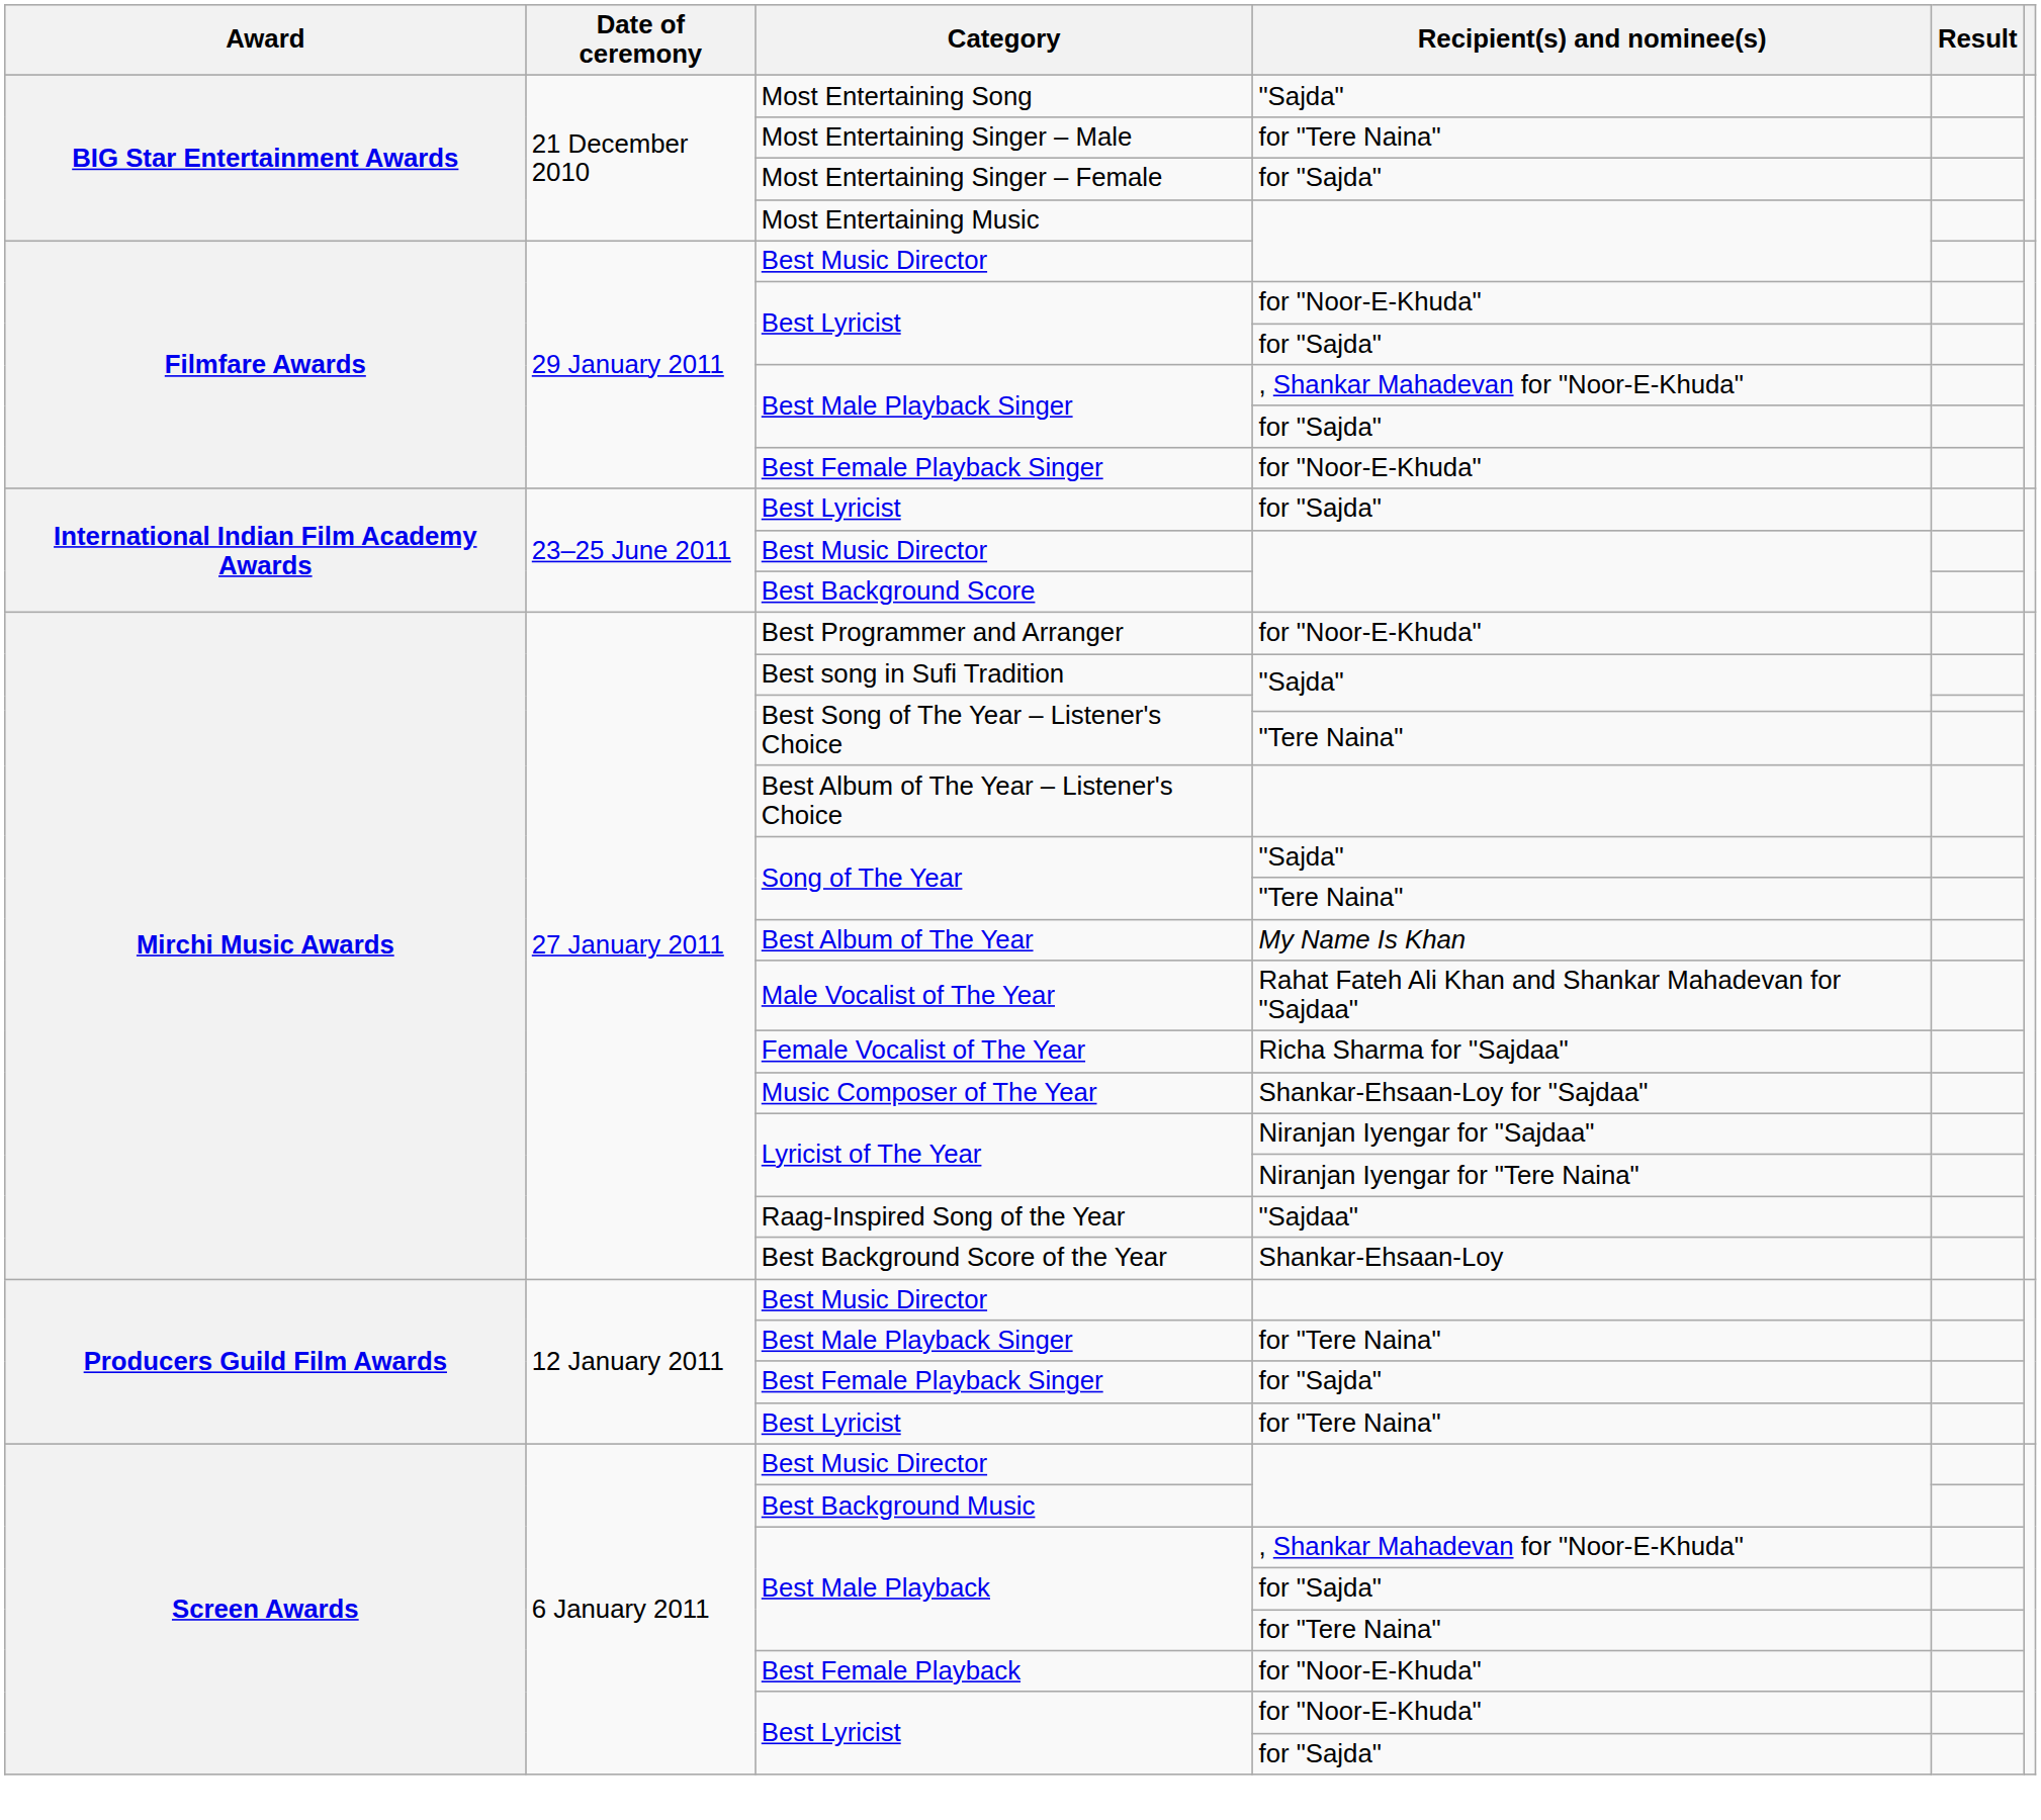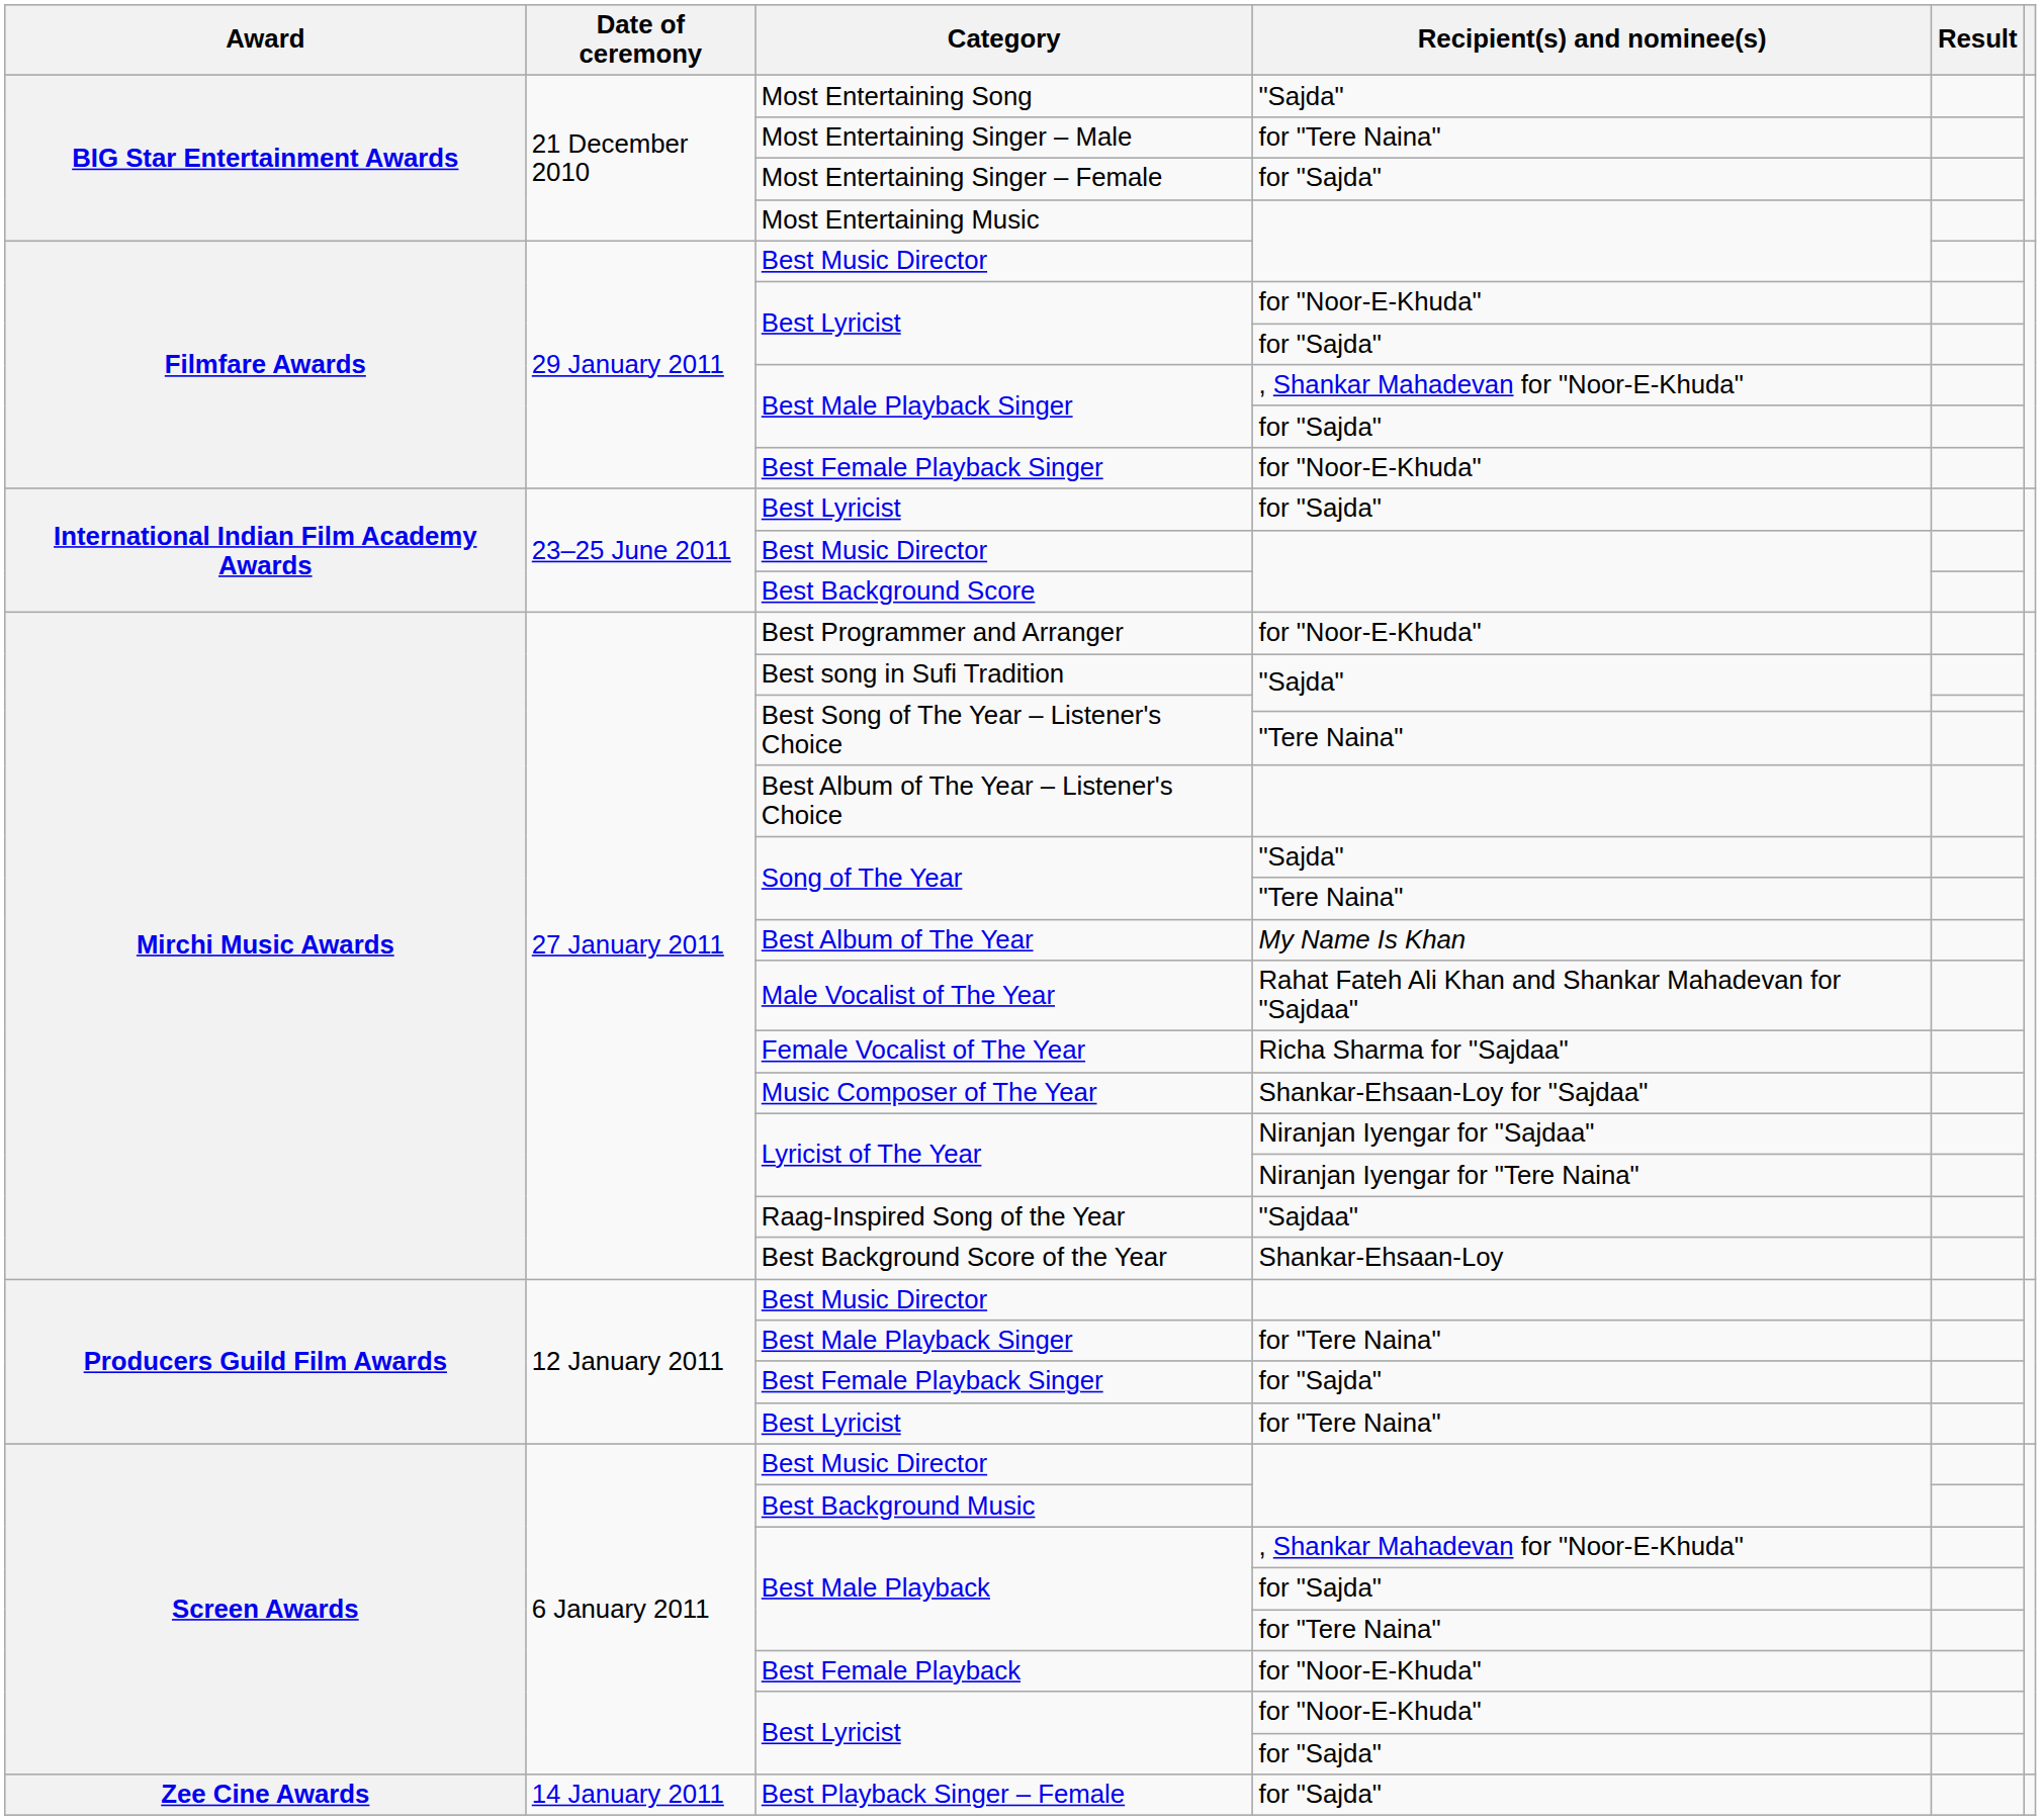 <table class="wikitable plainrowheaders sortable">
 <tr>
 <th scope="col">Award</th>
 <th scope="col">Date of ceremony</th>
 <th scope="col">Category</th>
 <th scope="col">Recipient(s) and nominee(s)</th>
 <th scope="col">Result</th>
 <th scope="col" class="unsortable"></th>
 </tr>
 <tr>
 <th scope="row" rowspan="4"><a href='#'>BIG Star Entertainment Awards</a></th>
 <td rowspan="4">21 December 2010</td>
 <td>Most Entertaining Song</td>
 <td>"Sajda"</td>
 <td></td>
 <td rowspan="4"></td>
 </tr>
 <tr>
 <td>Most Entertaining Singer – Male</td>
 <td> for "Tere Naina"</td>
 <td></td>
 </tr>
 <tr>
 <td>Most Entertaining Singer – Female</td>
 <td> for "Sajda"</td>
 <td></td>
 </tr>
 <tr>
 <td>Most Entertaining Music</td>
 <td rowspan="2"></td>
 <td></td>
 </tr>
 <tr>
 <th scope="row" rowspan="6"><a href='#'>Filmfare Awards</a></th>
 <td rowspan="6"><a href='#'>29 January 2011</a></td>
 <td><a href='#'>Best Music Director</a></td>
 <td></td>
 <td rowspan="6"></td>
 </tr>
 <tr>
 <td rowspan="2"><a href='#'>Best Lyricist</a></td>
 <td> for "Noor-E-Khuda"</td>
 <td></td>
 </tr>
 <tr>
 <td> for "Sajda"</td>
 <td></td>
 </tr>
 <tr>
 <td rowspan="2"><a href='#'>Best Male Playback Singer</a></td>
 <td>, <a href='#'>Shankar Mahadevan</a> for "Noor-E-Khuda"</td>
 <td></td>
 </tr>
 <tr>
 <td> for "Sajda"</td>
 <td></td>
 </tr>
 <tr>
 <td><a href='#'>Best Female Playback Singer</a></td>
 <td> for "Noor-E-Khuda"</td>
 <td></td>
 </tr>
 <tr>
 <th rowspan="3" scope="row"><a href='#'>International Indian Film Academy Awards</a></th>
 <td rowspan="3"><a href='#'>23–25 June 2011</a></td>
 <td><a href='#'>Best Lyricist</a></td>
 <td> for "Sajda"</td>
 <td></td>
 <td rowspan="3"></td>
 </tr>
 <tr>
 <td><a href='#'>Best Music Director</a></td>
 <td rowspan="2"></td>
 <td></td>
 </tr>
 <tr>
 <td><a href='#'>Best Background Score</a></td>
 <td></td>
 </tr>
 <tr>
 <th scope="row" rowspan="15"><a href='#'>Mirchi Music Awards</a></th>
 <td rowspan="15"><a href='#'>27 January 2011</a></td>
 <td>Best Programmer and Arranger</td>
 <td> for "Noor-E-Khuda"</td>
 <td></td>
 <td rowspan="15"></td>
 </tr>
 <tr>
 <td>Best song in Sufi Tradition</td>
 <td rowspan="2">"Sajda"</td>
 <td></td>
 </tr>
 <tr>
 <td rowspan="2">Best Song of The Year – Listener's Choice</td>
 <td></td>
 </tr>
 <tr>
 <td>"Tere Naina"</td>
 <td></td>
 </tr>
 <tr>
 <td>Best Album of The Year – Listener's Choice</td>
 <td></td>
 <td></td>
 </tr>
 <tr>
 <td rowspan="2"><a href='#'>Song of The Year</a></td>
 <td>"Sajda"</td>
 <td></td>
 </tr>
 <tr>
 <td>"Tere Naina"</td>
 <td></td>
 </tr>
 <tr>
 <td><a href='#'>Best Album of The Year</a></td>
 <td><em>My Name Is Khan</em></td>
 <td></td>
 </tr>
 <tr>
 <td><a href='#'>Male Vocalist of The Year</a></td>
 <td>Rahat Fateh Ali Khan and Shankar Mahadevan for "Sajdaa"</td>
 <td></td>
 </tr>
 <tr>
 <td><a href='#'>Female Vocalist of The Year</a></td>
 <td>Richa Sharma for "Sajdaa"</td>
 <td></td>
 </tr>
 <tr>
 <td><a href='#'>Music Composer of The Year</a></td>
 <td>Shankar-Ehsaan-Loy for "Sajdaa"</td>
 <td></td>
 </tr>
 <tr>
 <td rowspan="2"><a href='#'>Lyricist of The Year</a></td>
 <td>Niranjan Iyengar for "Sajdaa"</td>
 <td></td>
 </tr>
 <tr>
 <td>Niranjan Iyengar for "Tere Naina"</td>
 <td></td>
 </tr>
 <tr>
 <td>Raag-Inspired Song of the Year</td>
 <td>"Sajdaa"</td>
 <td></td>
 </tr>
 <tr>
 <td>Best Background Score of the Year</td>
 <td>Shankar-Ehsaan-Loy</td>
 <td></td>
 </tr>
 <tr>
 <th scope="row" rowspan="4"><a href='#'>Producers Guild Film Awards</a></th>
 <td rowspan="4">12 January 2011</td>
 <td><a href='#'>Best Music Director</a></td>
 <td></td>
 <td></td>
 <td rowspan="4"></td>
 </tr>
 <tr>
 <td><a href='#'>Best Male Playback Singer</a></td>
 <td> for "Tere Naina"</td>
 <td></td>
 </tr>
 <tr>
 <td><a href='#'>Best Female Playback Singer</a></td>
 <td> for "Sajda"</td>
 <td></td>
 </tr>
 <tr>
 <td><a href='#'>Best Lyricist</a></td>
 <td> for "Tere Naina"</td>
 <td></td>
 </tr>
 <tr>
 <th rowspan="8" scope="row"><a href='#'>Screen Awards</a></th>
 <td rowspan="8">6 January 2011</td>
 <td><a href='#'>Best Music Director</a></td>
 <td rowspan="2"></td>
 <td></td>
 <td rowspan="8"></td>
 </tr>
 <tr>
 <td><a href='#'>Best Background Music</a></td>
 <td></td>
 </tr>
 <tr>
 <td rowspan="3"><a href='#'>Best Male Playback</a></td>
 <td>, <a href='#'>Shankar Mahadevan</a> for "Noor-E-Khuda"</td>
 <td></td>
 </tr>
 <tr>
 <td> for "Sajda"</td>
 <td></td>
 </tr>
 <tr>
 <td> for "Tere Naina"</td>
 <td></td>
 </tr>
 <tr>
 <td><a href='#'>Best Female Playback</a></td>
 <td> for "Noor-E-Khuda"</td>
 <td></td>
 </tr>
 <tr>
 <td rowspan="2"><a href='#'>Best Lyricist</a></td>
 <td> for "Noor-E-Khuda"</td>
 <td></td>
 </tr>
 <tr>
 <td> for "Sajda"</td>
 <td></td>
 </tr>
+<tr>
+<th scope="row"><a href='#'>Zee Cine Awards</a></th>
+<td><a href='#'>14 January 2011</a></td>
+<td><a href='#'>Best Playback Singer – Female</a></td>
+<td> for "Sajda"</td>
+<td></td>
+<td></td>
+</tr>
 </table>
